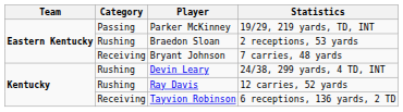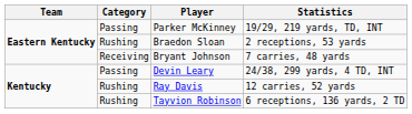 <table class="wikitable" style="float: right;">
 <tr>
 <th>Team</th>
 <th>Category</th>
 <th>Player</th>
 <th>Statistics</th>
 </tr>
 <tr>
 <td rowspan=3><strong>Eastern Kentucky</strong></td>
 <td>Passing</td>
 <td>Parker McKinney</td>
 <td>19/29, 219 yards, TD, INT</td>
 </tr>
 <tr>
 <td>Rushing</td>
 <td>Braedon Sloan</td>
 <td>2 receptions, 53 yards</td>
 </tr>
 <tr>
 <td>Receiving</td>
 <td>Bryant Johnson</td>
 <td>7 carries, 48 yards</td>
 </tr>
 <tr>
 <td rowspan=3><strong>Kentucky</strong></td>
-<td>Rushing</td>
+<td>Passing</td>
 <td><a href='#'>Devin Leary</a></td>
 <td>24/38, 299 yards, 4 TD, INT</td>
 </tr>
 <tr>
 <td>Rushing</td>
 <td><a href='#'>Ray Davis</a></td>
 <td>12 carries, 52 yards</td>
 </tr>
 <tr>
-<td>Receiving</td>
+<td>Rushing</td>
 <td><a href='#'>Tayvion Robinson</a></td>
 <td>6 receptions, 136 yards, 2 TD</td>
 </tr>
 </table>
